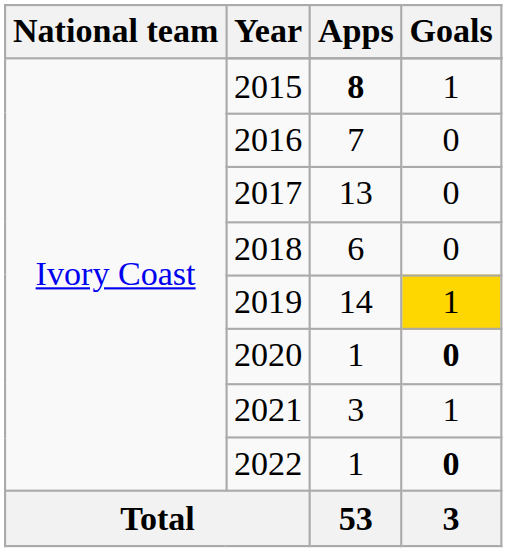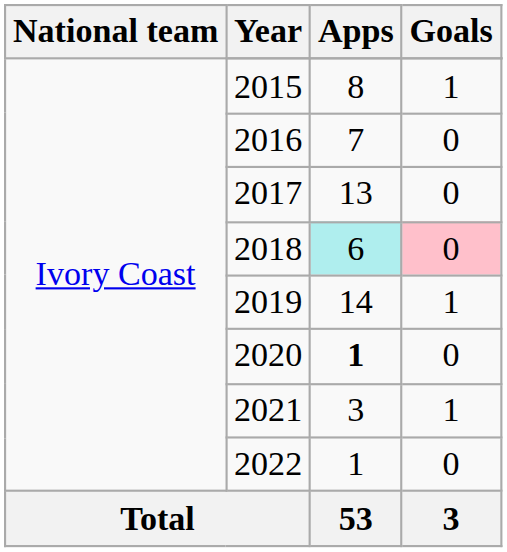 <table class="wikitable" style="text-align:center">
 <tr>
 <th>National team</th>
 <th>Year</th>
 <th>Apps</th>
 <th>Goals</th>
 </tr>
 <tr>
 <td rowspan="9"><a href='#'>Ivory Coast</a></td>
 </tr>
 <tr>
 <td>2015</td>
-<td><strong>8</strong></td>
+<td>8</td>
 <td>1</td>
 </tr>
 <tr>
 <td>2016</td>
 <td>7</td>
 <td>0</td>
 </tr>
 <tr>
 <td>2017</td>
 <td>13</td>
 <td>0</td>
 </tr>
 <tr>
 <td>2018</td>
-<td>6</td>
-<td>0</td>
+<td style="background: paleturquoise;">6</td>
+<td style="background: pink;">0</td>
 </tr>
 <tr>
 <td>2019</td>
 <td>14</td>
-<td style="background: gold;">1</td>
+<td>1</td>
 </tr>
 <tr>
 <td>2020</td>
-<td>1</td>
-<td><strong>0</strong></td>
+<td><strong>1</strong></td>
+<td>0</td>
 </tr>
 <tr>
 <td>2021</td>
 <td>3</td>
 <td>1</td>
 </tr>
 <tr>
 <td>2022</td>
 <td>1</td>
-<td><strong>0</strong></td>
+<td>0</td>
 </tr>
 <tr>
 <th colspan="2">Total</th>
 <th>53</th>
 <th>3</th>
 </tr>
 </table>
